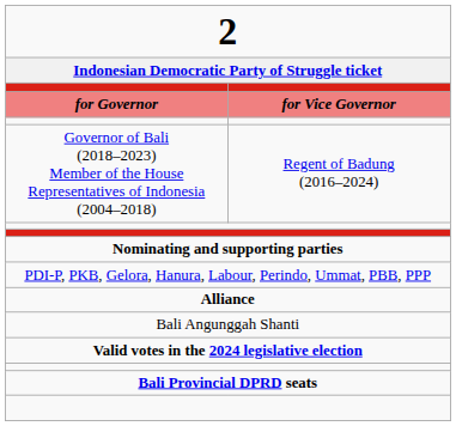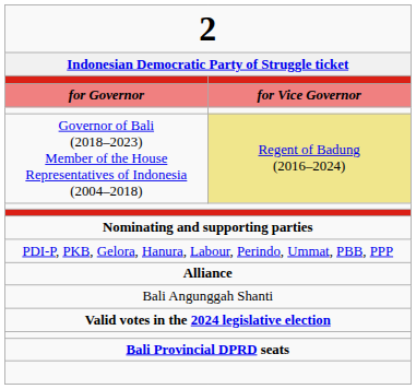 <table class="wikitable" style="font-size:90%; text-align:center;">
 <tr>
 <td colspan=2><big><big><big><big><big><strong>2</strong></big></big></big></big></big></td>
 </tr>
 <tr>
 <td colspan="2" style="background:#f1f1f1;"><strong><a href='#'>Indonesian Democratic Party of Struggle ticket</a></strong></td>
 </tr>
 <tr>
 <th style="width:3em; font-size:135%; background:#DB2016; width:200px;"><a href='#'></a></th>
 <th style="width:3em; font-size:135%; background:#DB2016; width:200px;"><a href='#'></a></th>
 </tr>
 <tr style="color:#000; font-size:100%; background:#F08080;">
 <td style="width:3em; width:200px;"><strong><em>for Governor</em></strong></td>
 <td style="width:3em; width:200px;"><strong><em>for Vice Governor</em></strong></td>
 </tr>
 <tr>
 <td></td>
 <td></td>
 </tr>
 <tr>
 <td><a href='#'>Governor of Bali</a><br>(2018–2023)<br><a href='#'>Member of the House Representatives of Indonesia</a><br>(2004–2018)</td>
-<td><a href='#'>Regent of Badung</a><br>(2016–2024)</td>
+<td style="background: khaki;"><a href='#'>Regent of Badung</a><br>(2016–2024)</td>
 </tr>
 <tr>
 <td colspan="2"></td>
 </tr>
 <tr>
 <td colspan="2" bgcolor="DB2016"></td>
 </tr>
 <tr>
 <td colspan="2"><strong>Nominating and supporting parties</strong></td>
 </tr>
 <tr>
 <td colspan="2"><a href='#'>PDI-P</a>, <a href='#'>PKB</a>, <a href='#'>Gelora</a>, <a href='#'>Hanura</a>, <a href='#'>Labour</a>, <a href='#'>Perindo</a>, <a href='#'>Ummat</a>, <a href='#'>PBB</a>, <a href='#'>PPP</a></td>
 </tr>
 <tr>
 <td colspan="2"><strong>Alliance</strong></td>
 </tr>
 <tr>
 <td colspan="2">Bali Angunggah Shanti</td>
 </tr>
 <tr>
 <td colspan="2"><strong>Valid votes in the <a href='#'>2024 legislative election</a></strong></td>
 </tr>
 <tr>
 <td colspan="2"></td>
 </tr>
 <tr>
 <td colspan="2"><strong><a href='#'>Bali Provincial DPRD</a> seats</strong></td>
 </tr>
 <tr>
 <td colspan="2"><br></td>
 </tr>
 </table>
